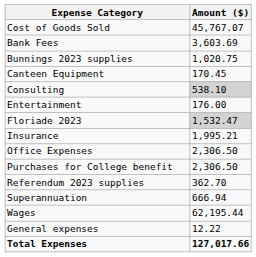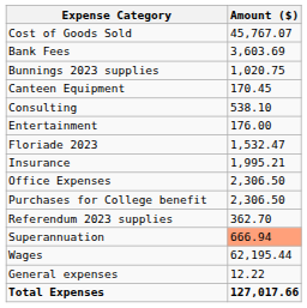 <table class="wikitable sortable mw-collapsible" style="margin-left: auto; margin-right: auto; border: none;">
 <tr>
 <th style="width: 75%;">Expense Category</th>
 <th>Amount ($)</th>
 </tr>
 <tr>
 <td>Cost of Goods Sold</td>
 <td>45,767.07</td>
 </tr>
 <tr>
 <td>Bank Fees</td>
 <td>3,603.69</td>
 </tr>
 <tr>
 <td>Bunnings 2023 supplies</td>
 <td>1,020.75</td>
 </tr>
 <tr>
 <td>Canteen Equipment</td>
 <td>170.45</td>
 </tr>
 <tr>
 <td>Consulting</td>
-<td style="background: lightgrey;">538.10</td>
+<td>538.10</td>
 </tr>
 <tr>
 <td>Entertainment</td>
 <td>176.00</td>
 </tr>
 <tr>
 <td>Floriade 2023</td>
-<td style="background: lightgrey;">1,532.47</td>
+<td>1,532.47</td>
 </tr>
 <tr>
 <td>Insurance</td>
 <td>1,995.21</td>
 </tr>
 <tr>
 <td>Office Expenses</td>
 <td>2,306.50</td>
 </tr>
 <tr>
 <td>Purchases for College benefit</td>
 <td>2,306.50</td>
 </tr>
 <tr>
 <td>Referendum 2023 supplies</td>
 <td>362.70</td>
 </tr>
 <tr>
 <td>Superannuation</td>
-<td>666.94</td>
+<td style="background: lightsalmon;">666.94</td>
 </tr>
 <tr>
 <td>Wages</td>
 <td>62,195.44</td>
 </tr>
 <tr>
 <td>General expenses</td>
 <td>12.22</td>
 </tr>
 <tr>
 <td><strong>Total Expenses</strong></td>
 <td><strong>127,017.66</strong></td>
 </tr>
 </table>
